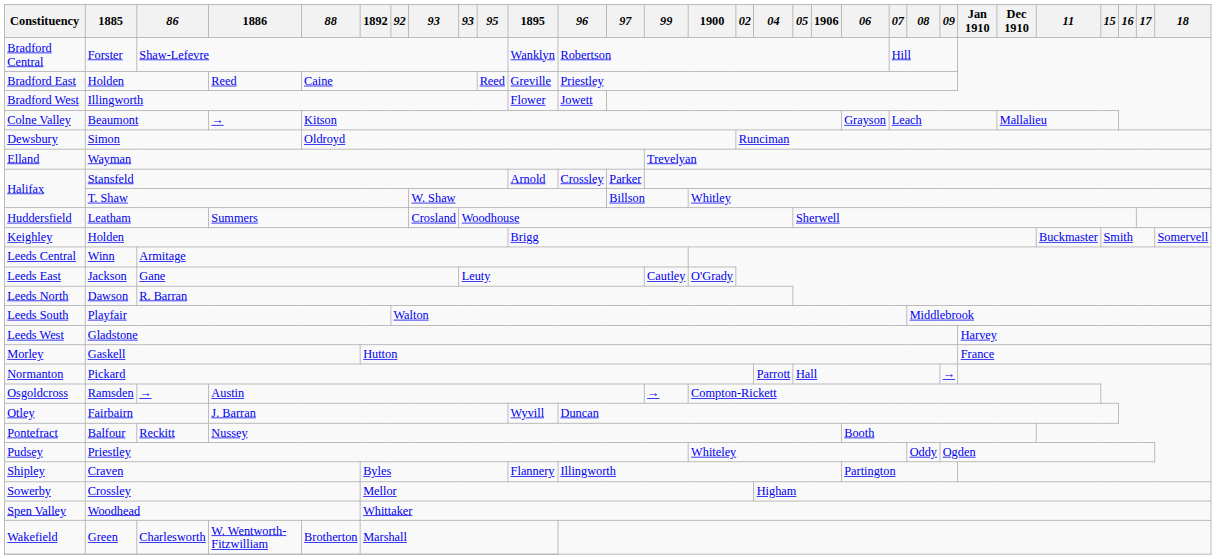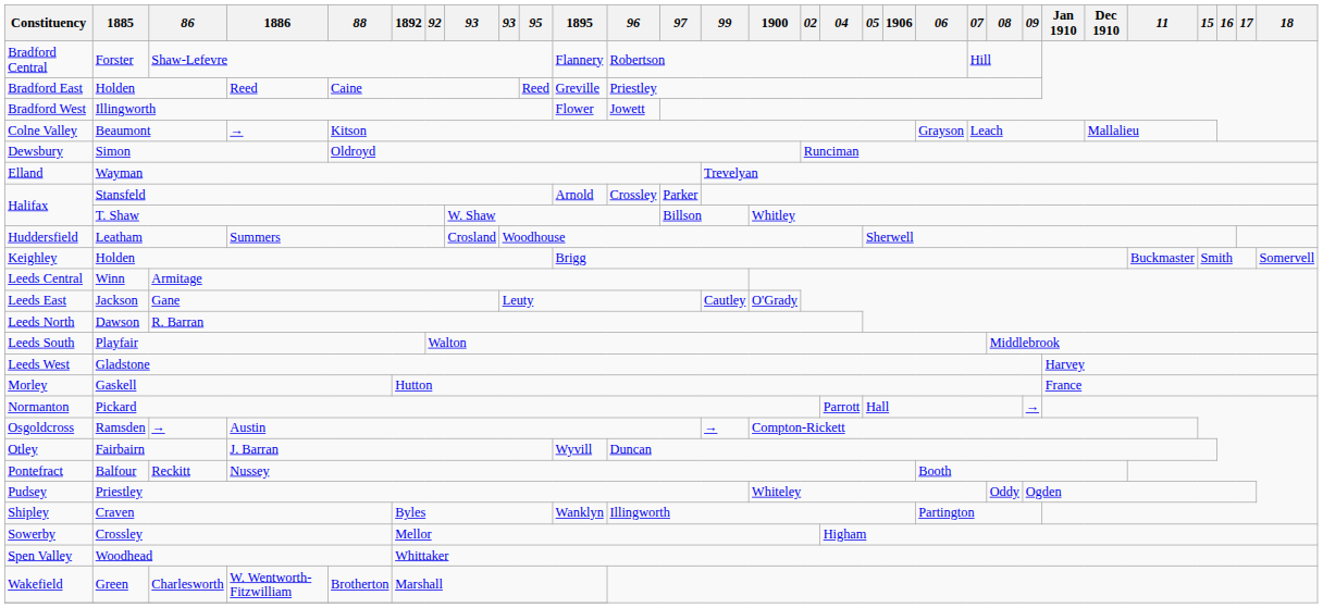 <table class="wikitable">
 <tr>
 <th>Constituency</th>
 <th>1885</th>
 <th><em>86</em></th>
 <th>1886</th>
 <th><em>88</em></th>
 <th>1892</th>
 <th><em>92</em></th>
 <th><em>93</em></th>
 <th><em>93</em></th>
 <th><em>95</em></th>
 <th>1895</th>
 <th><em>96</em></th>
 <th><em>97</em></th>
 <th><em>99</em></th>
 <th>1900</th>
 <th><em>02</em></th>
 <th><em>04</em></th>
 <th><em>05</em></th>
 <th>1906</th>
 <th><em>06</em></th>
 <th><em>07</em></th>
 <th><em>08</em></th>
 <th><em>09</em></th>
 <th>Jan 1910</th>
 <th>Dec 1910</th>
 <th><em>11</em></th>
 <th><em>15</em></th>
 <th><em>16</em></th>
 <th><em>17</em></th>
 <th><em>18</em></th>
 </tr>
 <tr>
 <td><a href='#'>Bradford Central</a></td>
 <td><a href='#'>Forster</a></td>
 <td colspan="8"><a href='#'>Shaw-Lefevre</a></td>
-<td><a href='#'>Wanklyn</a></td>
+<td><a href='#'>Flannery</a></td>
 <td colspan="9"><a href='#'>Robertson</a></td>
 <td colspan="3"><a href='#'>Hill</a></td>
 </tr>
 <tr>
 <td><a href='#'>Bradford East</a></td>
 <td colspan="2"><a href='#'>Holden</a></td>
 <td><a href='#'>Reed</a></td>
 <td colspan="5"><a href='#'>Caine</a></td>
 <td><a href='#'>Reed</a></td>
 <td><a href='#'>Greville</a></td>
 <td colspan="12"><a href='#'>Priestley</a></td>
 </tr>
 <tr>
 <td><a href='#'>Bradford West</a></td>
 <td colspan="9"><a href='#'>Illingworth</a></td>
 <td><a href='#'>Flower</a></td>
 <td><a href='#'>Jowett</a></td>
 </tr>
 <tr>
 <td><a href='#'>Colne Valley</a></td>
 <td colspan="2"><a href='#'>Beaumont</a></td>
 <td><a href='#'>→</a></td>
 <td colspan="15"><a href='#'>Kitson</a></td>
 <td><a href='#'>Grayson</a></td>
 <td colspan="4"><a href='#'>Leach</a></td>
 <td colspan="3"><a href='#'>Mallalieu</a></td>
 </tr>
 <tr>
 <td><a href='#'>Dewsbury</a></td>
 <td colspan="3"><a href='#'>Simon</a></td>
 <td colspan="11"><a href='#'>Oldroyd</a></td>
 <td colspan="15"><a href='#'>Runciman</a></td>
 </tr>
 <tr>
 <td><a href='#'>Elland</a></td>
 <td colspan="12"><a href='#'>Wayman</a></td>
 <td colspan="17"><a href='#'>Trevelyan</a></td>
 </tr>
 <tr>
 <td rowspan="2"><a href='#'>Halifax</a></td>
 <td colspan="9"><a href='#'>Stansfeld</a></td>
 <td><a href='#'>Arnold</a></td>
 <td><a href='#'>Crossley</a></td>
 <td><a href='#'>Parker</a></td>
 </tr>
 <tr>
 <td colspan="6"><a href='#'>T. Shaw</a></td>
 <td colspan="5"><a href='#'>W. Shaw</a></td>
 <td colspan="2"><a href='#'>Billson</a></td>
 <td colspan="16"><a href='#'>Whitley</a></td>
 </tr>
 <tr>
 <td><a href='#'>Huddersfield</a></td>
 <td colspan="2"><a href='#'>Leatham</a></td>
 <td colspan="4"><a href='#'>Summers</a></td>
 <td><a href='#'>Crosland</a></td>
 <td colspan="9"><a href='#'>Woodhouse</a></td>
 <td colspan="11"><a href='#'>Sherwell</a></td>
 </tr>
 <tr>
 <td><a href='#'>Keighley</a></td>
 <td colspan="9"><a href='#'>Holden</a></td>
 <td colspan="15"><a href='#'>Brigg</a></td>
 <td><a href='#'>Buckmaster</a></td>
 <td colspan="3"><a href='#'>Smith</a></td>
 <td><a href='#'>Somervell</a></td>
 </tr>
 <tr>
 <td><a href='#'>Leeds Central</a></td>
 <td><a href='#'>Winn</a></td>
 <td colspan="12"><a href='#'>Armitage</a></td>
 </tr>
 <tr>
 <td><a href='#'>Leeds East</a></td>
 <td><a href='#'>Jackson</a></td>
 <td colspan="6"><a href='#'>Gane</a></td>
 <td colspan="5"><a href='#'>Leuty</a></td>
 <td><a href='#'>Cautley</a></td>
 <td><a href='#'>O'Grady</a></td>
 </tr>
 <tr>
 <td><a href='#'>Leeds North</a></td>
 <td><a href='#'>Dawson</a></td>
 <td colspan="15"><a href='#'>R. Barran</a></td>
 </tr>
 <tr>
 <td><a href='#'>Leeds South</a></td>
 <td colspan="5"><a href='#'>Playfair</a></td>
 <td colspan="15"><a href='#'>Walton</a></td>
 <td colspan="9"><a href='#'>Middlebrook</a></td>
 </tr>
 <tr>
 <td><a href='#'>Leeds West</a></td>
 <td colspan="22"><a href='#'>Gladstone</a></td>
 <td colspan="7"><a href='#'>Harvey</a></td>
 </tr>
 <tr>
 <td><a href='#'>Morley</a></td>
 <td colspan="4"><a href='#'>Gaskell</a></td>
 <td colspan="18"><a href='#'>Hutton</a></td>
 <td colspan="7"><a href='#'>France</a></td>
 </tr>
 <tr>
 <td><a href='#'>Normanton</a></td>
 <td colspan="15"><a href='#'>Pickard</a></td>
 <td><a href='#'>Parrott</a></td>
 <td colspan="5"><a href='#'>Hall</a></td>
 <td><a href='#'>→</a></td>
 </tr>
 <tr>
 <td><a href='#'>Osgoldcross</a></td>
 <td><a href='#'>Ramsden</a></td>
 <td><a href='#'>→</a></td>
 <td colspan="10"><a href='#'>Austin</a></td>
 <td><a href='#'>→</a></td>
 <td colspan="12"><a href='#'>Compton-Rickett</a></td>
 </tr>
 <tr>
 <td><a href='#'>Otley</a></td>
 <td colspan="2"><a href='#'>Fairbairn</a></td>
 <td colspan="7"><a href='#'>J. Barran</a></td>
 <td><a href='#'>Wyvill</a></td>
 <td colspan="16"><a href='#'>Duncan</a></td>
 </tr>
 <tr>
 <td><a href='#'>Pontefract</a></td>
 <td><a href='#'>Balfour</a></td>
 <td><a href='#'>Reckitt</a></td>
 <td colspan="16"><a href='#'>Nussey</a></td>
 <td colspan="6"><a href='#'>Booth</a></td>
 </tr>
 <tr>
 <td><a href='#'>Pudsey</a></td>
 <td colspan="13"><a href='#'>Priestley</a></td>
 <td colspan="7"><a href='#'>Whiteley</a></td>
 <td><a href='#'>Oddy</a></td>
 <td colspan="7"><a href='#'>Ogden</a></td>
 </tr>
 <tr>
 <td><a href='#'>Shipley</a></td>
 <td colspan="4"><a href='#'>Craven</a></td>
 <td colspan="5"><a href='#'>Byles</a></td>
-<td><a href='#'>Flannery</a></td>
+<td><a href='#'>Wanklyn</a></td>
 <td colspan="8"><a href='#'>Illingworth</a></td>
 <td colspan="4"><a href='#'>Partington</a></td>
 </tr>
 <tr>
 <td><a href='#'>Sowerby</a></td>
 <td colspan="4"><a href='#'>Crossley</a></td>
 <td colspan="11"><a href='#'>Mellor</a></td>
 <td colspan="14"><a href='#'>Higham</a></td>
 </tr>
 <tr>
 <td><a href='#'>Spen Valley</a></td>
 <td colspan="4"><a href='#'>Woodhead</a></td>
 <td colspan="25"><a href='#'>Whittaker</a></td>
 </tr>
 <tr>
 <td><a href='#'>Wakefield</a></td>
 <td><a href='#'>Green</a></td>
 <td><a href='#'>Charlesworth</a></td>
 <td><a href='#'>W. Wentworth-Fitzwilliam</a></td>
 <td><a href='#'>Brotherton</a></td>
 <td colspan="6"><a href='#'>Marshall</a></td>
 </tr>
 <tr>
 </tr>
 </table>
